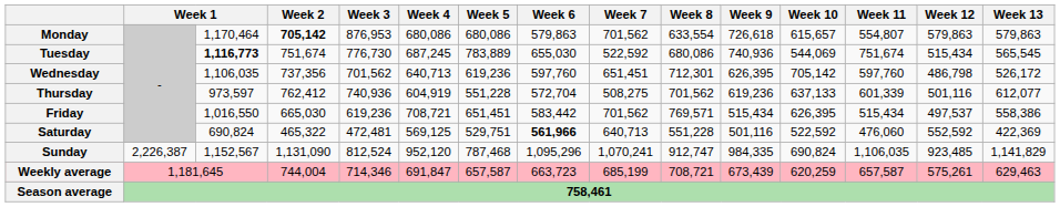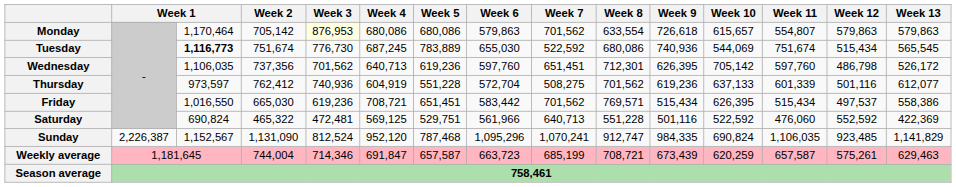 <table class="wikitable" style="font-size:90%; text-align:center; width: 96%; margin-left: auto; margin-right: auto;">
 <tr>
 <th></th>
 <th colspan="2">Week 1</th>
 <th>Week 2</th>
 <th>Week 3</th>
 <th>Week 4</th>
 <th>Week 5</th>
 <th>Week 6</th>
 <th>Week 7</th>
 <th>Week 8</th>
 <th>Week 9</th>
 <th>Week 10</th>
 <th>Week 11</th>
 <th>Week 12</th>
 <th>Week 13</th>
 </tr>
 <tr>
 <th>Monday</th>
 <td rowspan="6" style="background:#ccc">-</td>
 <td>1,170,464</td>
-<td><strong>705,142</strong></td>
-<td>876,953</td>
+<td>705,142</td>
+<td style="background: lightyellow;">876,953</td>
 <td>680,086</td>
 <td>680,086</td>
 <td>579,863</td>
 <td>701,562</td>
 <td>633,554</td>
 <td>726,618</td>
 <td>615,657</td>
 <td>554,807</td>
 <td>579,863</td>
 <td>579,863</td>
 </tr>
 <tr>
 <th>Tuesday</th>
 <td><strong>1,116,773</strong></td>
 <td>751,674</td>
 <td>776,730</td>
 <td>687,245</td>
 <td>783,889</td>
 <td>655,030</td>
 <td>522,592</td>
 <td>680,086</td>
 <td>740,936</td>
 <td>544,069</td>
 <td>751,674</td>
 <td>515,434</td>
 <td>565,545</td>
 </tr>
 <tr>
 <th>Wednesday</th>
 <td>1,106,035</td>
 <td>737,356</td>
 <td>701,562</td>
 <td>640,713</td>
 <td>619,236</td>
 <td>597,760</td>
 <td>651,451</td>
 <td>712,301</td>
 <td>626,395</td>
 <td>705,142</td>
 <td>597,760</td>
 <td>486,798</td>
 <td>526,172</td>
 </tr>
 <tr>
 <th>Thursday</th>
 <td>973,597</td>
 <td>762,412</td>
 <td>740,936</td>
 <td>604,919</td>
 <td>551,228</td>
 <td>572,704</td>
 <td>508,275</td>
 <td>701,562</td>
 <td>619,236</td>
 <td>637,133</td>
 <td>601,339</td>
 <td>501,116</td>
 <td>612,077</td>
 </tr>
 <tr>
 <th>Friday</th>
 <td>1,016,550</td>
 <td>665,030</td>
 <td>619,236</td>
 <td>708,721</td>
 <td>651,451</td>
 <td>583,442</td>
 <td>701,562</td>
 <td>769,571</td>
 <td>515,434</td>
 <td>626,395</td>
 <td>515,434</td>
 <td>497,537</td>
 <td>558,386</td>
 </tr>
 <tr>
 <th>Saturday</th>
 <td>690,824</td>
 <td>465,322</td>
 <td>472,481</td>
 <td>569,125</td>
 <td>529,751</td>
-<td><strong>561,966</strong></td>
+<td>561,966</td>
 <td>640,713</td>
 <td>551,228</td>
 <td>501,116</td>
 <td>522,592</td>
 <td>476,060</td>
 <td>552,592</td>
 <td>422,369</td>
 </tr>
 <tr>
 <th>Sunday</th>
 <td>2,226,387</td>
 <td>1,152,567</td>
 <td>1,131,090</td>
 <td>812,524</td>
 <td>952,120</td>
 <td>787,468</td>
 <td>1,095,296</td>
 <td>1,070,241</td>
 <td>912,747</td>
 <td>984,335</td>
 <td>690,824</td>
 <td>1,106,035</td>
 <td>923,485</td>
 <td>1,141,829</td>
 </tr>
 <tr style="background:#FFB6C1"|>
 <th>Weekly average</th>
 <td colspan="2">1,181,645</td>
 <td>744,004</td>
 <td>714,346</td>
 <td>691,847</td>
 <td>657,587</td>
 <td>663,723</td>
 <td>685,199</td>
 <td>708,721</td>
 <td>673,439</td>
 <td>620,259</td>
 <td>657,587</td>
 <td>575,261</td>
 <td>629,463</td>
 </tr>
 <tr>
 <th>Season average</th>
 <td colspan="14" style="background:#ADDFAD"><strong>758,461</strong></td>
 </tr>
 </table>
